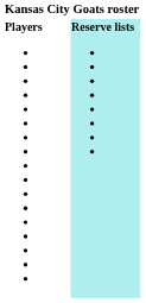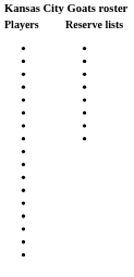 <table class="toccolours" style="text-align: left;">
 <tr>
 <th colspan="7">Kansas City Goats roster</th>
 </tr>
 <tr>
 <td style="font-size: 95%;vertical-align:top;"><strong>Players</strong><br><ul><li></li><li></li><li></li><li></li><li></li><li></li><li></li><li></li><li></li><li></li><li></li><li></li><li></li><li></li><li></li><li></li><li></li></ul></td>
 <td style="width: 25px;"></td>
-<td style="background: paleturquoise; font-size: 95%;vertical-align:top;"><strong>Reserve lists</strong><br><ul><li></li><li></li><li></li><li></li><li></li><li></li><li></li><li></li></ul></td>
+<td style="font-size: 95%;vertical-align:top;"><strong>Reserve lists</strong><br><ul><li></li><li></li><li></li><li></li><li></li><li></li><li></li><li></li></ul></td>
 </tr>
 <tr>
 </tr>
 </table>
